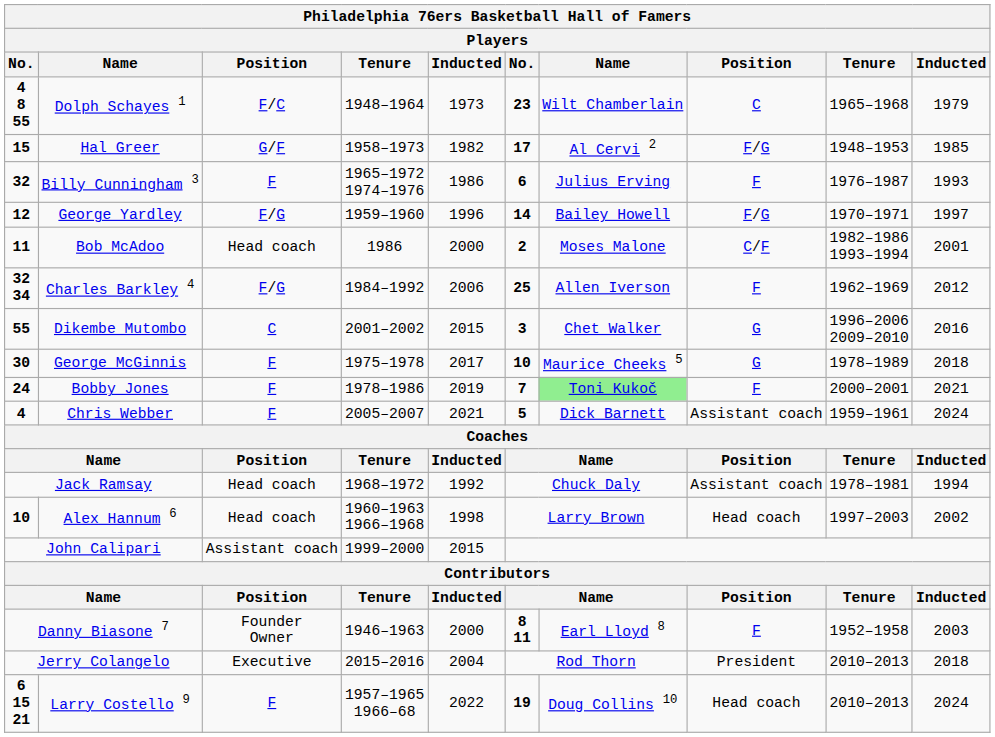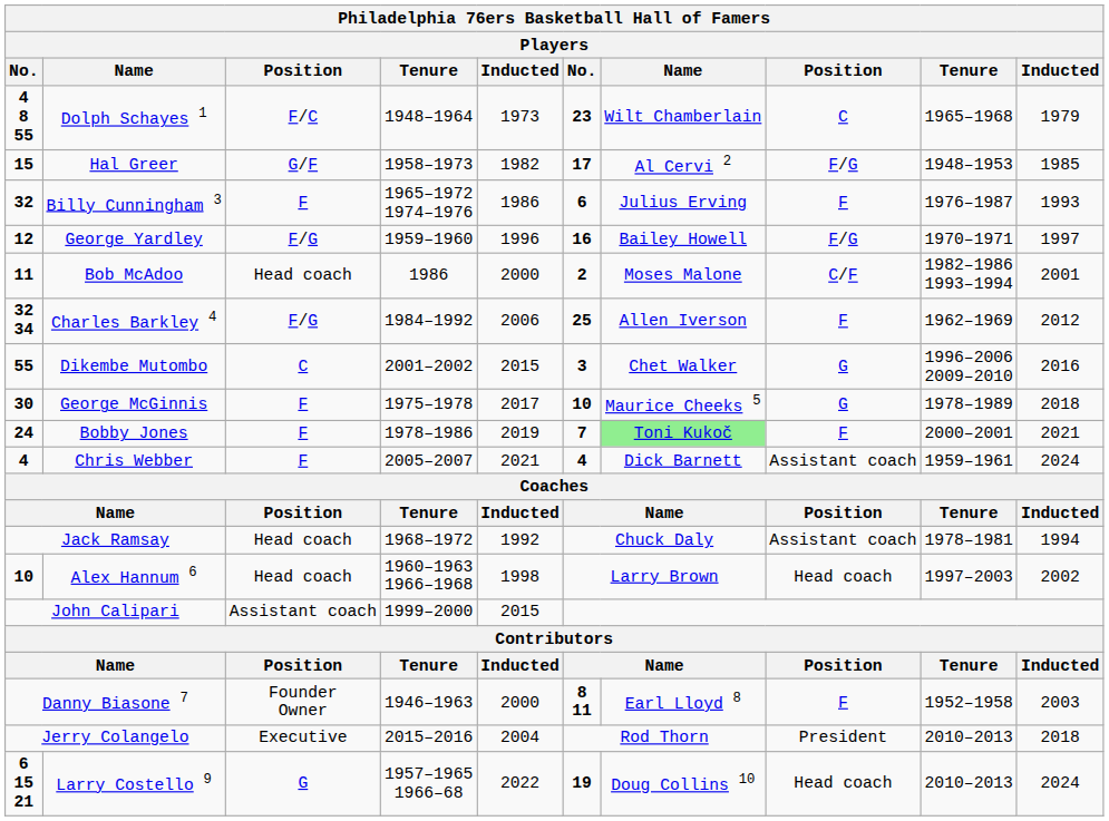 <table class="wikitable" style="text-align:center">
 <tr>
 <th colspan="10">Philadelphia 76ers Basketball Hall of Famers</th>
 </tr>
 <tr>
 <th colspan="10" style="text-align:center; ">Players</th>
 </tr>
 <tr>
 <th>No.</th>
 <th>Name</th>
 <th>Position</th>
 <th>Tenure</th>
 <th>Inducted</th>
 <th>No.</th>
 <th>Name</th>
 <th>Position</th>
 <th>Tenure</th>
 <th>Inducted</th>
 </tr>
 <tr>
 <td><strong>4</strong><br><strong>8</strong><br><strong>55</strong></td>
 <td><a href='#'>Dolph Schayes</a> <sup>1</sup></td>
 <td><a href='#'>F</a>/<a href='#'>C</a></td>
 <td>1948–1964</td>
 <td>1973</td>
 <td><strong>23</strong></td>
 <td><a href='#'>Wilt Chamberlain</a></td>
 <td><a href='#'>C</a></td>
 <td>1965–1968</td>
 <td>1979</td>
 </tr>
 <tr>
 <td><strong>15</strong></td>
 <td><a href='#'>Hal Greer</a></td>
 <td><a href='#'>G</a>/<a href='#'>F</a></td>
 <td>1958–1973</td>
 <td>1982</td>
 <td><strong>17</strong></td>
 <td><a href='#'>Al Cervi</a> <sup>2</sup></td>
 <td><a href='#'>F</a>/<a href='#'>G</a></td>
 <td>1948–1953</td>
 <td>1985</td>
 </tr>
 <tr>
 <td><strong>32</strong></td>
 <td><a href='#'>Billy Cunningham</a> <sup>3</sup></td>
 <td><a href='#'>F</a></td>
 <td>1965–1972<br>1974–1976</td>
 <td>1986</td>
 <td><strong>6</strong></td>
 <td><a href='#'>Julius Erving</a></td>
 <td><a href='#'>F</a></td>
 <td>1976–1987</td>
 <td>1993</td>
 </tr>
 <tr>
 <td><strong>12</strong></td>
 <td><a href='#'>George Yardley</a></td>
 <td><a href='#'>F</a>/<a href='#'>G</a></td>
 <td>1959–1960</td>
 <td>1996</td>
-<td><strong>14</strong></td>
+<td><strong>16</strong></td>
 <td><a href='#'>Bailey Howell</a></td>
 <td><a href='#'>F</a>/<a href='#'>G</a></td>
 <td>1970–1971</td>
 <td>1997</td>
 </tr>
 <tr>
 <td><strong>11</strong></td>
 <td><a href='#'>Bob McAdoo</a></td>
 <td>Head coach</td>
 <td>1986</td>
 <td>2000</td>
 <td><strong>2</strong></td>
 <td><a href='#'>Moses Malone</a></td>
 <td><a href='#'>C</a>/<a href='#'>F</a></td>
 <td>1982–1986<br>1993–1994</td>
 <td>2001</td>
 </tr>
 <tr>
 <td><strong>32</strong><br><strong>34</strong></td>
 <td><a href='#'>Charles Barkley</a> <sup>4</sup></td>
 <td><a href='#'>F</a>/<a href='#'>G</a></td>
 <td>1984–1992</td>
 <td>2006</td>
 <td><strong>25</strong></td>
 <td><a href='#'>Allen Iverson</a></td>
 <td><a href='#'>F</a></td>
 <td>1962–1969</td>
 <td>2012</td>
 </tr>
 <tr>
 <td><strong>55</strong></td>
 <td><a href='#'>Dikembe Mutombo</a></td>
 <td><a href='#'>C</a></td>
 <td>2001–2002</td>
 <td>2015</td>
 <td><strong>3</strong></td>
 <td><a href='#'>Chet Walker</a></td>
 <td><a href='#'>G</a></td>
 <td>1996–2006<br>2009–2010</td>
 <td>2016</td>
 </tr>
 <tr>
 <td><strong>30</strong></td>
 <td><a href='#'>George McGinnis</a></td>
 <td><a href='#'>F</a></td>
 <td>1975–1978</td>
 <td>2017</td>
 <td><strong>10</strong></td>
 <td><a href='#'>Maurice Cheeks</a> <sup>5</sup></td>
 <td><a href='#'>G</a></td>
 <td>1978–1989</td>
 <td>2018</td>
 </tr>
 <tr>
 <td><strong>24</strong></td>
 <td><a href='#'>Bobby Jones</a></td>
 <td><a href='#'>F</a></td>
 <td>1978–1986</td>
 <td>2019</td>
 <td><strong>7</strong></td>
 <td style="background: lightgreen;"><a href='#'>Toni Kukoč</a></td>
 <td><a href='#'>F</a></td>
 <td>2000–2001</td>
 <td>2021</td>
 </tr>
 <tr>
 <td><strong>4</strong></td>
 <td><a href='#'>Chris Webber</a></td>
 <td><a href='#'>F</a></td>
 <td>2005–2007</td>
 <td>2021</td>
-<td><strong>5</strong></td>
+<td><strong>4</strong></td>
 <td><a href='#'>Dick Barnett</a></td>
 <td>Assistant coach</td>
 <td>1959–1961</td>
 <td>2024</td>
 </tr>
 <tr>
 <th colspan="10" style="text-align:center; ">Coaches</th>
 </tr>
 <tr>
 <th colspan="2">Name</th>
 <th>Position</th>
 <th>Tenure</th>
 <th>Inducted</th>
 <th colspan="2">Name</th>
 <th>Position</th>
 <th>Tenure</th>
 <th>Inducted</th>
 </tr>
 <tr>
 <td colspan="2"><a href='#'>Jack Ramsay</a></td>
 <td>Head coach</td>
 <td>1968–1972</td>
 <td>1992</td>
 <td colspan="2"><a href='#'>Chuck Daly</a></td>
 <td>Assistant coach</td>
 <td>1978–1981</td>
 <td>1994</td>
 </tr>
 <tr>
 <td><strong>10</strong></td>
 <td><a href='#'>Alex Hannum</a> <sup>6</sup></td>
 <td>Head coach</td>
 <td>1960–1963<br>1966–1968</td>
 <td>1998</td>
 <td colspan="2"><a href='#'>Larry Brown</a></td>
 <td>Head coach</td>
 <td>1997–2003</td>
 <td>2002</td>
 </tr>
 <tr>
 <td colspan="2"><a href='#'>John Calipari</a></td>
 <td>Assistant coach</td>
 <td>1999–2000</td>
 <td>2015</td>
 </tr>
 <tr>
 <th colspan="10" style="text-align:center; ">Contributors</th>
 </tr>
 <tr>
 <th colspan="2">Name</th>
 <th>Position</th>
 <th>Tenure</th>
 <th>Inducted</th>
 <th colspan="2">Name</th>
 <th>Position</th>
 <th>Tenure</th>
 <th>Inducted</th>
 </tr>
 <tr>
 <td colspan="2"><a href='#'>Danny Biasone</a> <sup>7</sup></td>
 <td>Founder<br>Owner</td>
 <td>1946–1963</td>
 <td>2000</td>
 <td><strong>8</strong><br><strong>11</strong></td>
 <td><a href='#'>Earl Lloyd</a> <sup>8</sup></td>
 <td><a href='#'>F</a></td>
 <td>1952–1958</td>
 <td>2003</td>
 </tr>
 <tr>
 <td colspan="2"><a href='#'>Jerry Colangelo</a></td>
 <td>Executive</td>
 <td>2015–2016</td>
 <td>2004</td>
 <td colspan="2"><a href='#'>Rod Thorn</a></td>
 <td>President</td>
 <td>2010–2013</td>
 <td>2018</td>
 </tr>
 <tr>
 <td><strong>6</strong><br><strong>15</strong><br><strong>21</strong></td>
 <td><a href='#'>Larry Costello</a> <sup>9</sup></td>
-<td><a href='#'>F</a></td>
+<td><a href='#'>G</a></td>
 <td>1957–1965<br>1966–68</td>
 <td>2022</td>
 <td><strong>19</strong></td>
 <td><a href='#'>Doug Collins</a> <sup>10</sup></td>
 <td>Head coach</td>
 <td>2010–2013</td>
 <td>2024</td>
 </tr>
 </table>
